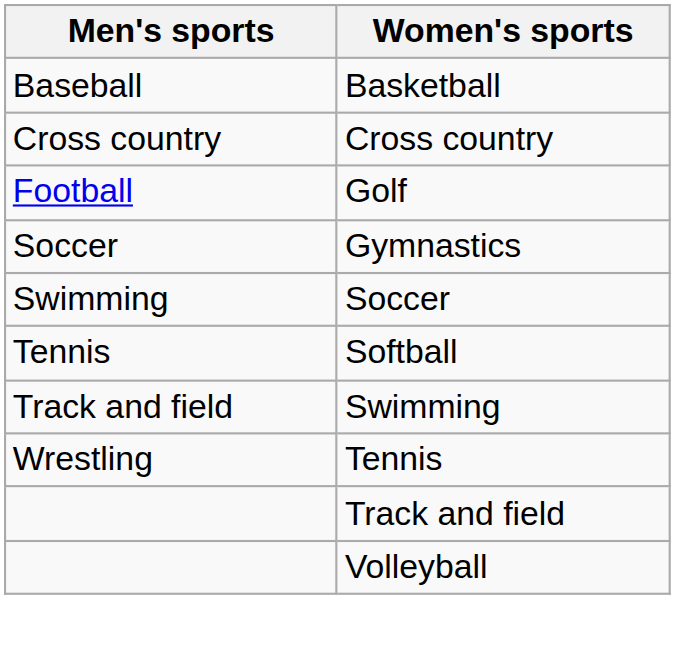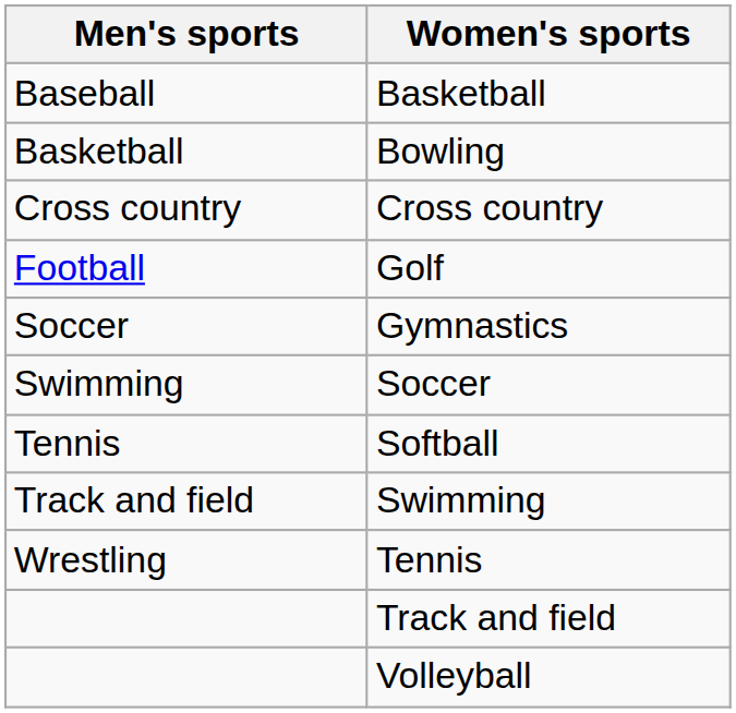 <table class= wikitable>
 <tr>
 <th width=150px>Men's sports</th>
 <th width=150px>Women's sports</th>
 </tr>
 <tr>
 <td>Baseball</td>
 <td>Basketball</td>
+</tr>
+<tr>
+<td>Basketball</td>
+<td>Bowling</td>
 </tr>
 <tr>
 <td>Cross country</td>
 <td>Cross country</td>
 </tr>
 <tr>
 <td><a href='#'>Football</a></td>
 <td>Golf</td>
 </tr>
 <tr>
 <td>Soccer</td>
 <td>Gymnastics</td>
 </tr>
 <tr>
 <td>Swimming</td>
 <td>Soccer</td>
 </tr>
 <tr>
 <td>Tennis</td>
 <td>Softball</td>
 </tr>
 <tr>
 <td>Track and field</td>
 <td>Swimming</td>
 </tr>
 <tr>
 <td>Wrestling</td>
 <td>Tennis</td>
 </tr>
 <tr>
 <td></td>
 <td>Track and field</td>
 </tr>
 <tr>
 <td></td>
 <td>Volleyball</td>
 </tr>
 </table>
